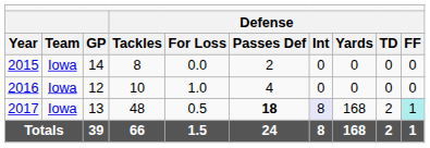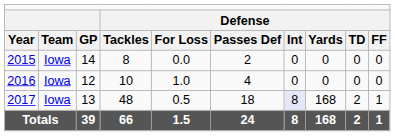 <table class="wikitable" style="text-align:center;">
 <tr>
 <td ! colspan="10"></td>
 </tr>
 <tr>
 <th colspan=3></th>
 <th colspan=7>Defense</th>
 </tr>
 <tr>
 <th>Year</th>
 <th>Team</th>
 <th>GP</th>
 <th>Tackles</th>
 <th>For Loss</th>
 <th>Passes Def</th>
 <th>Int</th>
 <th>Yards</th>
 <th>TD</th>
 <th>FF</th>
 </tr>
 <tr>
 <td><a href='#'>2015</a></td>
 <td><a href='#'>Iowa</a></td>
 <td>14</td>
 <td>8</td>
 <td>0.0</td>
 <td>2</td>
 <td>0</td>
 <td>0</td>
 <td>0</td>
 <td>0</td>
 </tr>
 <tr>
 <td><a href='#'>2016</a></td>
 <td><a href='#'>Iowa</a></td>
 <td>12</td>
 <td>10</td>
 <td>1.0</td>
 <td>4</td>
 <td>0</td>
 <td>0</td>
 <td>0</td>
 <td>0</td>
 </tr>
 <tr>
 <td><a href='#'>2017</a></td>
 <td><a href='#'>Iowa</a></td>
 <td>13</td>
 <td>48</td>
 <td>0.5</td>
-<td><strong>18</strong></td>
+<td>18</td>
 <td style="background: lavender;">8</td>
 <td>168</td>
 <td>2</td>
-<td style="background: paleturquoise;">1</td>
+<td>1</td>
 </tr>
 <tr style="background:#555; font-weight:bold; color:white;">
 <td colspan=2>Totals</td>
 <td>39</td>
 <td>66</td>
 <td>1.5</td>
 <td>24</td>
 <td>8</td>
 <td>168</td>
 <td>2</td>
 <td>1</td>
 </tr>
 </table>
